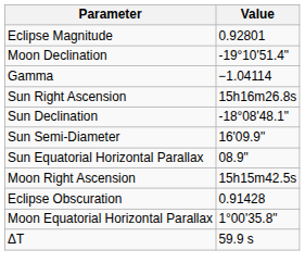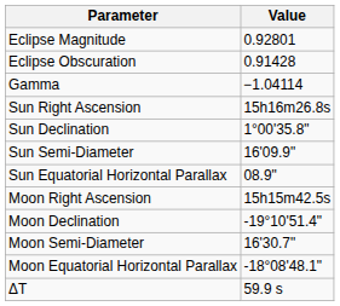 <table class="wikitable">
 <tr>
 <th>Parameter</th>
 <th>Value</th>
 </tr>
 <tr>
 <td>Eclipse Magnitude</td>
 <td>0.92801</td>
 </tr>
 <tr>
-<td>Moon Declination</td>
-<td>-19°10'51.4"</td>
+<td>Eclipse Obscuration</td>
+<td>0.91428</td>
 </tr>
 <tr>
 <td>Gamma</td>
 <td>−1.04114</td>
 </tr>
 <tr>
 <td>Sun Right Ascension</td>
 <td>15h16m26.8s</td>
 </tr>
 <tr>
 <td>Sun Declination</td>
-<td>-18°08'48.1"</td>
+<td>1°00'35.8"</td>
 </tr>
 <tr>
 <td>Sun Semi-Diameter</td>
 <td>16'09.9"</td>
 </tr>
 <tr>
 <td>Sun Equatorial Horizontal Parallax</td>
 <td>08.9"</td>
 </tr>
 <tr>
 <td>Moon Right Ascension</td>
 <td>15h15m42.5s</td>
 </tr>
 <tr>
-<td>Eclipse Obscuration</td>
-<td>0.91428</td>
+<td>Moon Declination</td>
+<td>-19°10'51.4"</td>
+</tr>
+<tr>
+<td>Moon Semi-Diameter</td>
+<td>16'30.7"</td>
 </tr>
 <tr>
 <td>Moon Equatorial Horizontal Parallax</td>
-<td>1°00'35.8"</td>
+<td>-18°08'48.1"</td>
 </tr>
 <tr>
 <td>ΔT</td>
 <td>59.9 s</td>
 </tr>
 </table>
